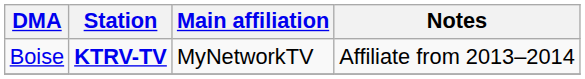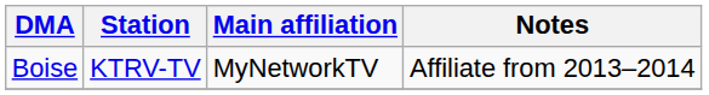 <table class="wikitable">
 <tr>
 <th><a href='#'>DMA</a></th>
 <th><a href='#'>Station</a></th>
 <th><a href='#'>Main affiliation</a> <br>  </th>
 <th>Notes</th>
 </tr>
 <tr>
 <td><a href='#'>Boise</a></td>
-<td><strong><a href='#'>KTRV-TV</a></strong></td>
+<td><a href='#'>KTRV-TV</a></td>
 <td>MyNetworkTV</td>
 <td>Affiliate from 2013–2014</td>
 </tr>
 <tr>
 </tr>
 </table>
